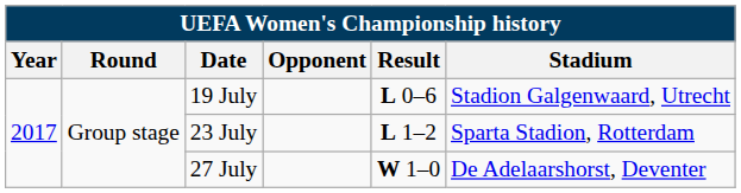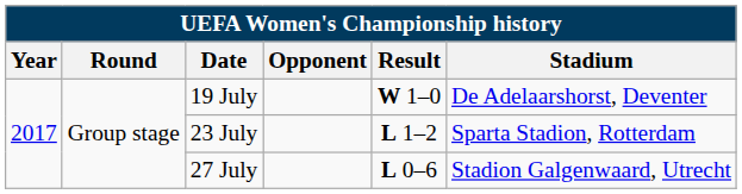 <table class="wikitable" style="text-align: center;font-size:100%;">
 <tr>
 <th colspan=6 style="background: #013A5E; color: #FFFFFF;">UEFA Women's Championship history</th>
 </tr>
 <tr>
 <th>Year</th>
 <th>Round</th>
 <th>Date</th>
 <th>Opponent</th>
 <th>Result</th>
 <th>Stadium</th>
 </tr>
 <tr>
 <td rowspan=3> <a href='#'>2017</a></td>
 <td rowspan=3>Group stage</td>
 <td align="left">19 July</td>
 <td align="left"></td>
-<td><strong>L</strong> 0–6</td>
-<td align="left"><a href='#'>Stadion Galgenwaard</a>, <a href='#'>Utrecht</a></td>
+<td><strong>W</strong> 1–0</td>
+<td align="left"><a href='#'>De Adelaarshorst</a>, <a href='#'>Deventer</a></td>
 </tr>
 <tr>
 <td align="left">23 July</td>
 <td align="left"></td>
 <td><strong>L</strong> 1–2</td>
 <td align="left"><a href='#'>Sparta Stadion</a>, <a href='#'>Rotterdam</a></td>
 </tr>
 <tr>
 <td align="left">27 July</td>
 <td align="left"></td>
-<td><strong>W</strong> 1–0</td>
-<td align="left"><a href='#'>De Adelaarshorst</a>, <a href='#'>Deventer</a></td>
+<td><strong>L</strong> 0–6</td>
+<td align="left"><a href='#'>Stadion Galgenwaard</a>, <a href='#'>Utrecht</a></td>
 </tr>
 </table>
